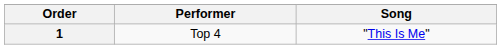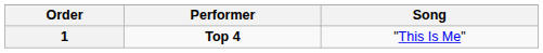 <table class="wikitable" style="text-align:center; width:50%;">
 <tr>
 </tr>
 <tr>
 <th>Order</th>
 <th>Performer</th>
 <th>Song</th>
 </tr>
 <tr>
 <th>1</th>
-<td>Top 4</td>
+<td><strong>Top 4</strong></td>
 <td>"<a href='#'>This Is Me</a>"</td>
 </tr>
 </table>
